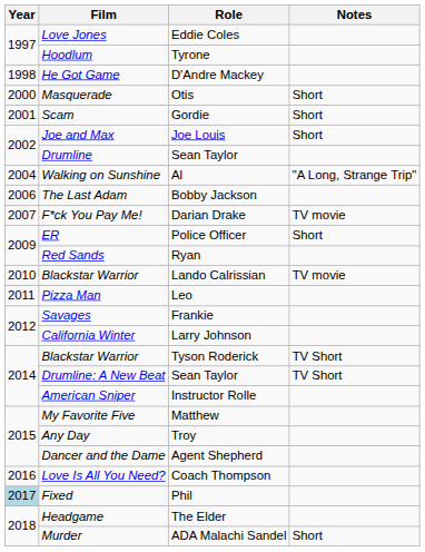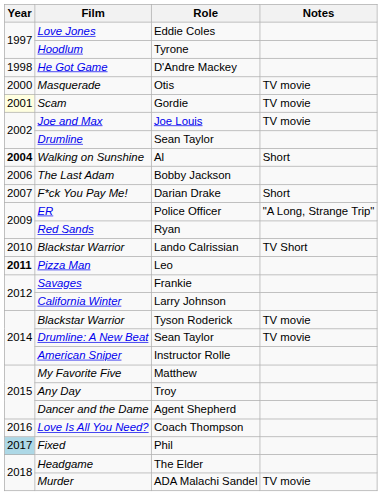 <table class="wikitable">
 <tr>
 <th>Year</th>
 <th>Film</th>
 <th>Role</th>
 <th>Notes</th>
 </tr>
 <tr>
 <td rowspan="2">1997</td>
 <td><em><a href='#'>Love Jones</a></em></td>
 <td>Eddie Coles</td>
 <td></td>
 </tr>
 <tr>
 <td><em><a href='#'>Hoodlum</a></em></td>
 <td>Tyrone</td>
 <td></td>
 </tr>
 <tr>
 <td>1998</td>
 <td><em><a href='#'>He Got Game</a></em></td>
 <td>D'Andre Mackey</td>
 <td></td>
 </tr>
 <tr>
 <td>2000</td>
 <td><em>Masquerade</em></td>
 <td>Otis</td>
-<td>Short</td>
+<td>TV movie</td>
 </tr>
 <tr>
-<td>2001</td>
+<td style="background: lightyellow;">2001</td>
 <td><em>Scam</em></td>
 <td>Gordie</td>
-<td>Short</td>
+<td>TV movie</td>
 </tr>
 <tr>
 <td rowspan="2">2002</td>
 <td><em><a href='#'>Joe and Max</a></em></td>
 <td><a href='#'>Joe Louis</a></td>
-<td>Short</td>
+<td>TV movie</td>
 </tr>
 <tr>
 <td><em><a href='#'>Drumline</a></em></td>
 <td>Sean Taylor</td>
 <td></td>
 </tr>
 <tr>
-<td>2004</td>
+<td><strong>2004</strong></td>
 <td><em>Walking on Sunshine</em></td>
 <td>Al</td>
-<td>"A Long, Strange Trip"</td>
+<td>Short</td>
 </tr>
 <tr>
 <td>2006</td>
 <td><em>The Last Adam</em></td>
 <td>Bobby Jackson</td>
 <td></td>
 </tr>
 <tr>
 <td>2007</td>
 <td><em>F*ck You Pay Me!</em></td>
 <td>Darian Drake</td>
-<td>TV movie</td>
+<td>Short</td>
 </tr>
 <tr>
 <td rowspan="2">2009</td>
 <td><em><a href='#'>ER</a></em></td>
 <td>Police Officer</td>
-<td>Short</td>
+<td>"A Long, Strange Trip"</td>
 </tr>
 <tr>
 <td><em><a href='#'>Red Sands</a></em></td>
 <td>Ryan</td>
 <td></td>
 </tr>
 <tr>
 <td>2010</td>
 <td><em>Blackstar Warrior</em></td>
 <td>Lando Calrissian</td>
-<td>TV movie</td>
+<td>TV Short</td>
 </tr>
 <tr>
-<td>2011</td>
+<td><strong>2011</strong></td>
 <td><em><a href='#'>Pizza Man</a></em></td>
 <td>Leo</td>
 <td></td>
 </tr>
 <tr>
 <td rowspan="2">2012</td>
 <td><em><a href='#'>Savages</a></em></td>
 <td>Frankie</td>
 <td></td>
 </tr>
 <tr>
 <td><em><a href='#'>California Winter</a></em></td>
 <td>Larry Johnson</td>
 <td></td>
 </tr>
 <tr>
 <td rowspan="3">2014</td>
 <td><em>Blackstar Warrior</em></td>
 <td>Tyson Roderick</td>
-<td>TV Short</td>
+<td>TV movie</td>
 </tr>
 <tr>
 <td><em><a href='#'>Drumline: A New Beat</a></em></td>
 <td>Sean Taylor</td>
-<td>TV Short</td>
+<td>TV movie</td>
 </tr>
 <tr>
 <td><em><a href='#'>American Sniper</a></em></td>
 <td>Instructor Rolle</td>
 <td></td>
 </tr>
 <tr>
 <td rowspan="3">2015</td>
 <td><em>My Favorite Five</em></td>
 <td>Matthew</td>
 <td></td>
 </tr>
 <tr>
 <td><em>Any Day</em></td>
 <td>Troy</td>
 <td></td>
 </tr>
 <tr>
 <td><em>Dancer and the Dame</em></td>
 <td>Agent Shepherd</td>
 <td></td>
 </tr>
 <tr>
 <td>2016</td>
 <td><em><a href='#'>Love Is All You Need?</a></em></td>
 <td>Coach Thompson</td>
 <td></td>
 </tr>
 <tr>
 <td style="background: lightblue;">2017</td>
 <td><em>Fixed</em></td>
 <td>Phil</td>
 <td></td>
 </tr>
 <tr>
 <td rowspan="2">2018</td>
 <td><em>Headgame</em></td>
 <td>The Elder</td>
 <td></td>
 </tr>
 <tr>
 <td><em>Murder</em></td>
 <td>ADA Malachi Sandel</td>
-<td>Short</td>
+<td>TV movie</td>
 </tr>
 </table>
